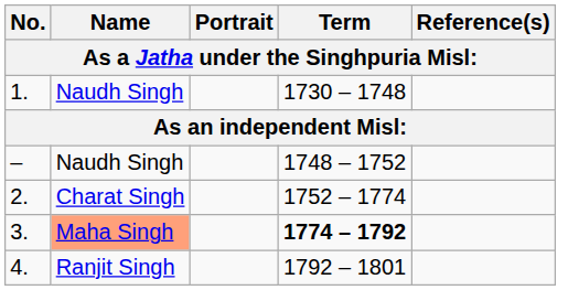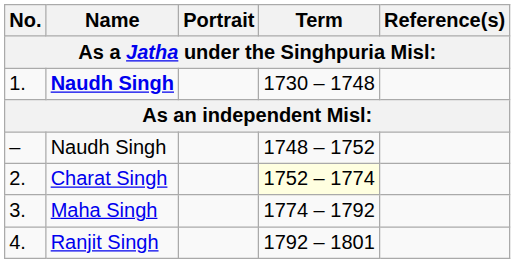 <table class="wikitable">
 <tr>
 <th>No.</th>
 <th>Name<br></th>
 <th>Portrait</th>
 <th>Term</th>
 <th>Reference(s)</th>
 </tr>
 <tr>
 <th colspan="5">As a <em><a href='#'>Jatha</a></em> under the Singhpuria Misl:</th>
 </tr>
 <tr>
 <td>1.</td>
-<td><a href='#'>Naudh Singh</a><br></td>
+<td><strong><a href='#'>Naudh Singh</a><br></strong></td>
 <td></td>
 <td>1730 – 1748</td>
 <td></td>
 </tr>
 <tr>
 <th colspan="5">As an independent Misl:</th>
 </tr>
 <tr>
 <td>–</td>
 <td>Naudh Singh<br></td>
 <td></td>
 <td>1748 – 1752</td>
 <td></td>
 </tr>
 <tr>
 <td>2.</td>
 <td><a href='#'>Charat Singh</a><br></td>
 <td></td>
-<td>1752 – 1774</td>
+<td style="background: lightyellow;">1752 – 1774</td>
 <td></td>
 </tr>
 <tr>
 <td>3.</td>
-<td style="background: lightsalmon;"><a href='#'>Maha Singh</a><br></td>
+<td><a href='#'>Maha Singh</a><br></td>
 <td></td>
-<td><strong>1774 – 1792</strong></td>
+<td>1774 – 1792</td>
 <td></td>
 </tr>
 <tr>
 <td>4.</td>
 <td><a href='#'>Ranjit Singh</a><br></td>
 <td></td>
 <td>1792 – 1801</td>
 <td></td>
 </tr>
 </table>
